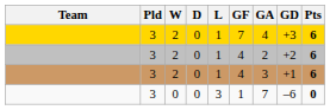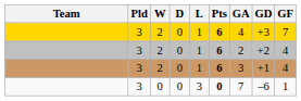 <table class="wikitable" style="text-align: center;">
 <tr>
 <th width=165>Team</th>
 <th width=20>Pld</th>
 <th width=20>W</th>
 <th width=20>D</th>
 <th width=20>L</th>
-<th width=20>GF</th>
+<th width=20>Pts</th>
 <th width=20>GA</th>
 <th width=20>GD</th>
-<th width=20>Pts</th>
+<th width=20>GF</th>
 </tr>
 <tr bgcolor=gold>
 <td align=left><strong></strong></td>
 <td>3</td>
 <td>2</td>
 <td>0</td>
 <td>1</td>
-<td>7</td>
+<td><strong>6</strong></td>
 <td>4</td>
 <td>+3</td>
-<td><strong>6</strong></td>
+<td>7</td>
 </tr>
 <tr bgcolor=silver>
 <td align=left></td>
 <td>3</td>
 <td>2</td>
 <td>0</td>
 <td>1</td>
-<td>4</td>
+<td><strong>6</strong></td>
 <td>2</td>
 <td>+2</td>
-<td><strong>6</strong></td>
+<td>4</td>
 </tr>
 <tr bgcolor="#cc9966">
 <td align=left></td>
 <td>3</td>
 <td>2</td>
 <td>0</td>
 <td>1</td>
-<td>4</td>
+<td><strong>6</strong></td>
 <td>3</td>
 <td>+1</td>
-<td><strong>6</strong></td>
+<td>4</td>
 </tr>
 <tr>
 <td align=left></td>
 <td>3</td>
 <td>0</td>
 <td>0</td>
 <td>3</td>
-<td>1</td>
+<td><strong>0</strong></td>
 <td>7</td>
 <td>–6</td>
-<td><strong>0</strong></td>
+<td>1</td>
 </tr>
 </table>
